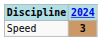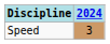 <table class="wikitable" style="text-align: center;">
 <tr>
 <th style="background: #b0e0e6;">Discipline</th>
 <th style="background: #b0e0e6;"><a href='#'>2024</a></th>
 </tr>
 <tr>
 <td align="left">Speed</td>
-<td style="background: #cc9966"><strong>3</strong></td>
+<td style="background: #cc9966">3</td>
 </tr>
 </table>
